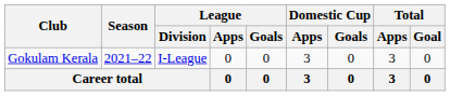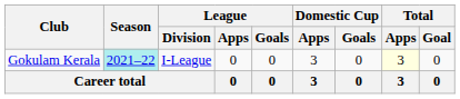 <table class="wikitable" style="text-align: center;">
 <tr>
 <th rowspan="2">Club</th>
 <th rowspan="2">Season</th>
 <th colspan="3">League</th>
 <th colspan="2">Domestic Cup</th>
 <th colspan="2">Total</th>
 </tr>
 <tr>
 <th>Division</th>
 <th>Apps</th>
 <th>Goals</th>
 <th>Apps</th>
 <th>Goals</th>
 <th>Apps</th>
 <th>Goal</th>
 </tr>
 <tr>
 <td><a href='#'>Gokulam Kerala</a></td>
-<td><a href='#'>2021–22</a></td>
+<td style="background: paleturquoise;"><a href='#'>2021–22</a></td>
 <td><a href='#'>I-League</a></td>
 <td>0</td>
 <td>0</td>
 <td>3</td>
 <td>0</td>
-<td>3</td>
+<td style="background: lightyellow;">3</td>
 <td>0</td>
 </tr>
 <tr>
 <th colspan="3">Career total</th>
 <th>0</th>
 <th>0</th>
 <th>3</th>
 <th>0</th>
 <th>3</th>
 <th>0</th>
 </tr>
 </table>
